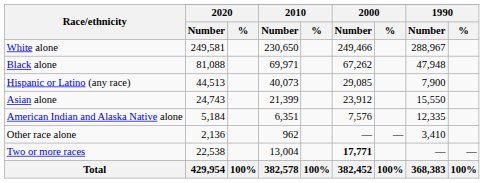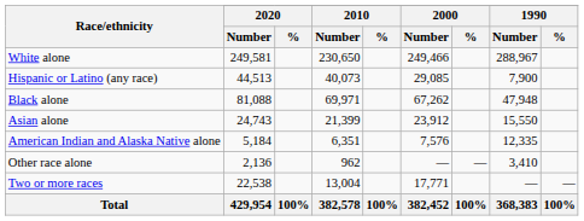 <table class="wikitable sortable collapsible left" style="text-align:right; font-size: 90%;">
 <tr>
 <th rowspan="3">Race/ethnicity</th>
 </tr>
 <tr>
 <th colspan="2">2020</th>
 <th colspan="2">2010</th>
 <th colspan="2">2000</th>
 <th colspan="2">1990</th>
 </tr>
 <tr>
 <th>Number</th>
 <th>%</th>
 <th>Number</th>
 <th>%</th>
 <th>Number</th>
 <th>%</th>
 <th>Number</th>
 <th>%</th>
 </tr>
 <tr>
 <td style="text-align:left;"><a href='#'>White</a> alone</td>
 <td>249,581</td>
 <td></td>
 <td>230,650</td>
 <td></td>
 <td>249,466</td>
 <td></td>
 <td>288,967</td>
 <td></td>
 </tr>
 <tr>
+<td style="text-align:left;"><a href='#'>Hispanic or Latino</a> (any race)</td>
+<td>44,513</td>
+<td></td>
+<td>40,073</td>
+<td></td>
+<td>29,085</td>
+<td></td>
+<td>7,900</td>
+<td></td>
+</tr>
+<tr>
 <td style="text-align:left;"><a href='#'>Black</a> alone</td>
 <td>81,088</td>
 <td></td>
 <td>69,971</td>
 <td></td>
 <td>67,262</td>
 <td></td>
 <td>47,948</td>
-<td></td>
-</tr>
-<tr>
-<td style="text-align:left;"><a href='#'>Hispanic or Latino</a> (any race)</td>
-<td>44,513</td>
-<td></td>
-<td>40,073</td>
-<td></td>
-<td>29,085</td>
-<td></td>
-<td>7,900</td>
 <td></td>
 </tr>
 <tr>
 <td style="text-align:left;"><a href='#'>Asian</a> alone</td>
 <td>24,743</td>
 <td></td>
 <td>21,399</td>
 <td></td>
 <td>23,912</td>
 <td></td>
 <td>15,550</td>
 <td></td>
 </tr>
 <tr>
 <td style="text-align:left;"><a href='#'>American Indian and Alaska Native</a> alone</td>
 <td>5,184</td>
 <td></td>
 <td>6,351</td>
 <td></td>
 <td>7,576</td>
 <td></td>
 <td>12,335</td>
 <td></td>
 </tr>
 <tr>
 <td style="text-align:left;">Other race alone</td>
 <td>2,136</td>
 <td></td>
 <td>962</td>
 <td></td>
 <td>—</td>
 <td>—</td>
 <td>3,410</td>
 <td></td>
 </tr>
 <tr>
 <td style="text-align:left;"><a href='#'>Two or more races</a></td>
 <td>22,538</td>
 <td></td>
 <td>13,004</td>
 <td></td>
-<td><strong>17,771</strong></td>
+<td>17,771</td>
 <td></td>
 <td>—</td>
 <td>—</td>
 </tr>
 <tr>
 <th>Total</th>
 <th style="text-align:right;">429,954</th>
 <th style="text-align:right;">100%</th>
 <th style="text-align:right;">382,578</th>
 <th style="text-align:right;">100%</th>
 <th style="text-align:right;">382,452</th>
 <th style="text-align:right;">100%</th>
 <th style="text-align:right;">368,383</th>
 <th style="text-align:right;">100%</th>
 </tr>
 </table>
